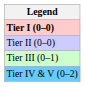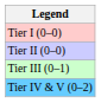 <table class="wikitable sortable mw-collapsible mw-collapsed">
 <tr>
 <th>Legend</th>
 </tr>
 <tr>
-<td bgcolor=#ffcccc><strong>Tier I (0–0)</strong></td>
+<td bgcolor=#ffcccc>Tier I (0–0)</td>
 </tr>
 <tr>
 <td bgcolor=#ccccff>Tier II (0–0)</td>
 </tr>
 <tr>
 <td bgcolor=#CCFFCC>Tier III (0–1)</td>
 </tr>
 <tr>
 <td bgcolor=#66CCFF>Tier IV & V (0–2)</td>
 </tr>
 </table>
